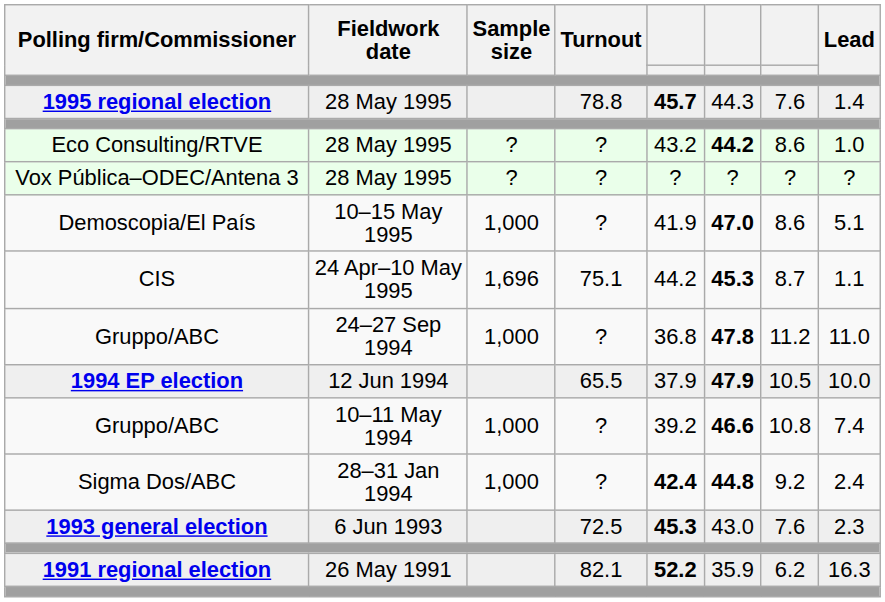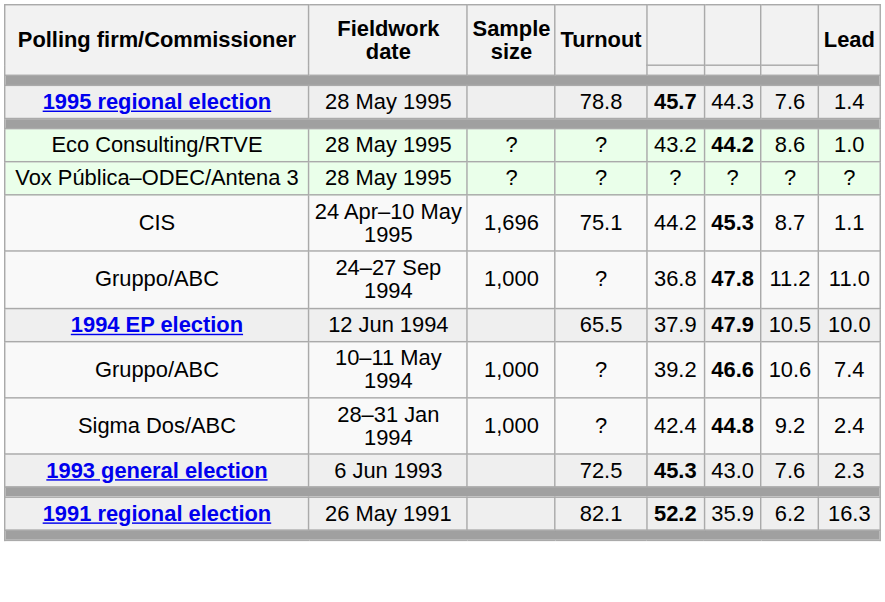 <table class="wikitable collapsible collapsed" style="text-align:center; font-size:95%; line-height:16px;">
 <tr style="height:42px;">
 <th style="width:250px;" rowspan="2">Polling firm/Commissioner</th>
 <th style="width:125px;" rowspan="2">Fieldwork date</th>
 <th style="width:50px;" rowspan="2">Sample size</th>
 <th style="width:45px;" rowspan="2">Turnout</th>
 <th style="width:35px;"></th>
 <th style="width:35px;"></th>
 <th style="width:35px;"></th>
 <th style="width:20px;" rowspan="2">Lead</th>
 </tr>
 <tr>
 <th style="color:inherit;background:"></th>
 <th style="color:inherit;background:"></th>
 <th style="color:inherit;background:"></th>
 </tr>
 <tr>
 <td colspan="8" style="background:#A0A0A0"></td>
 </tr>
 <tr style="background:#EFEFEF;">
 <td><strong><a href='#'>1995 regional election</a></strong></td>
 <td>28 May 1995</td>
 <td></td>
 <td>78.8</td>
 <td><strong>45.7</strong><br></td>
 <td>44.3<br></td>
 <td>7.6<br></td>
 <td style="background:">1.4</td>
 </tr>
 <tr>
 <td colspan="8" style="background:#A0A0A0"></td>
 </tr>
 <tr style="background:#EAFFEA;">
 <td>Eco Consulting/RTVE</td>
 <td>28 May 1995</td>
 <td>?</td>
 <td>?</td>
 <td>43.2<br></td>
 <td><strong>44.2</strong><br></td>
 <td>8.6<br></td>
 <td style="background:">1.0</td>
 </tr>
 <tr style="background:#EAFFEA;">
 <td>Vox Pública–ODEC/Antena 3</td>
 <td>28 May 1995</td>
 <td>?</td>
 <td>?</td>
 <td>?<br></td>
 <td>?<br></td>
 <td>?<br></td>
 <td style="background:">?</td>
 </tr>
 <tr>
-<td>Demoscopia/El País</td>
-<td>10–15 May 1995</td>
-<td>1,000</td>
-<td>?</td>
-<td>41.9<br></td>
-<td><strong>47.0</strong><br></td>
-<td>8.6<br></td>
-<td style="background:">5.1</td>
-</tr>
-<tr>
 <td>CIS</td>
 <td>24 Apr–10 May 1995</td>
 <td>1,696</td>
 <td>75.1</td>
 <td>44.2</td>
 <td><strong>45.3</strong></td>
 <td>8.7</td>
 <td style="background:">1.1</td>
 </tr>
 <tr>
 <td>Gruppo/ABC</td>
 <td>24–27 Sep 1994</td>
 <td>1,000</td>
 <td>?</td>
 <td>36.8<br></td>
 <td><strong>47.8</strong><br></td>
 <td>11.2<br></td>
 <td style="background:">11.0</td>
 </tr>
 <tr style="background:#EFEFEF;">
 <td><strong><a href='#'>1994 EP election</a></strong></td>
 <td>12 Jun 1994</td>
 <td></td>
 <td>65.5</td>
 <td>37.9<br></td>
 <td><strong>47.9</strong><br></td>
 <td>10.5<br></td>
 <td style="background:">10.0</td>
 </tr>
 <tr>
 <td>Gruppo/ABC</td>
 <td>10–11 May 1994</td>
 <td>1,000</td>
 <td>?</td>
 <td>39.2<br></td>
 <td><strong>46.6</strong><br></td>
-<td>10.8<br></td>
+<td>10.6<br></td>
 <td style="background:">7.4</td>
 </tr>
 <tr>
 <td>Sigma Dos/ABC</td>
 <td>28–31 Jan 1994</td>
 <td>1,000</td>
 <td>?</td>
-<td><strong>42.4<br></strong></td>
+<td>42.4<br></td>
 <td><strong>44.8</strong><br></td>
 <td>9.2<br></td>
 <td style="background:">2.4</td>
 </tr>
 <tr style="background:#EFEFEF;">
 <td><strong><a href='#'>1993 general election</a></strong></td>
 <td>6 Jun 1993</td>
 <td></td>
 <td>72.5</td>
 <td><strong>45.3</strong><br></td>
 <td>43.0<br></td>
 <td>7.6<br></td>
 <td style="background:">2.3</td>
 </tr>
 <tr>
 <td colspan="8" style="background:#A0A0A0"></td>
 </tr>
 <tr style="background:#EFEFEF;">
 <td><strong><a href='#'>1991 regional election</a></strong></td>
 <td>26 May 1991</td>
 <td></td>
 <td>82.1</td>
 <td><strong>52.2</strong><br></td>
 <td>35.9<br></td>
 <td>6.2<br></td>
 <td style="background:">16.3</td>
 </tr>
 <tr>
 <td colspan="8" style="background:#A0A0A0"></td>
 </tr>
 </table>
